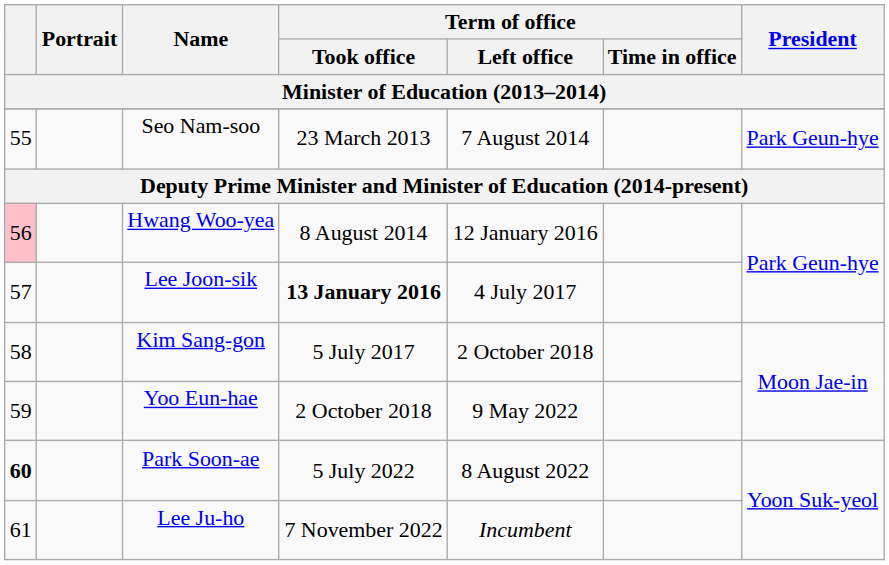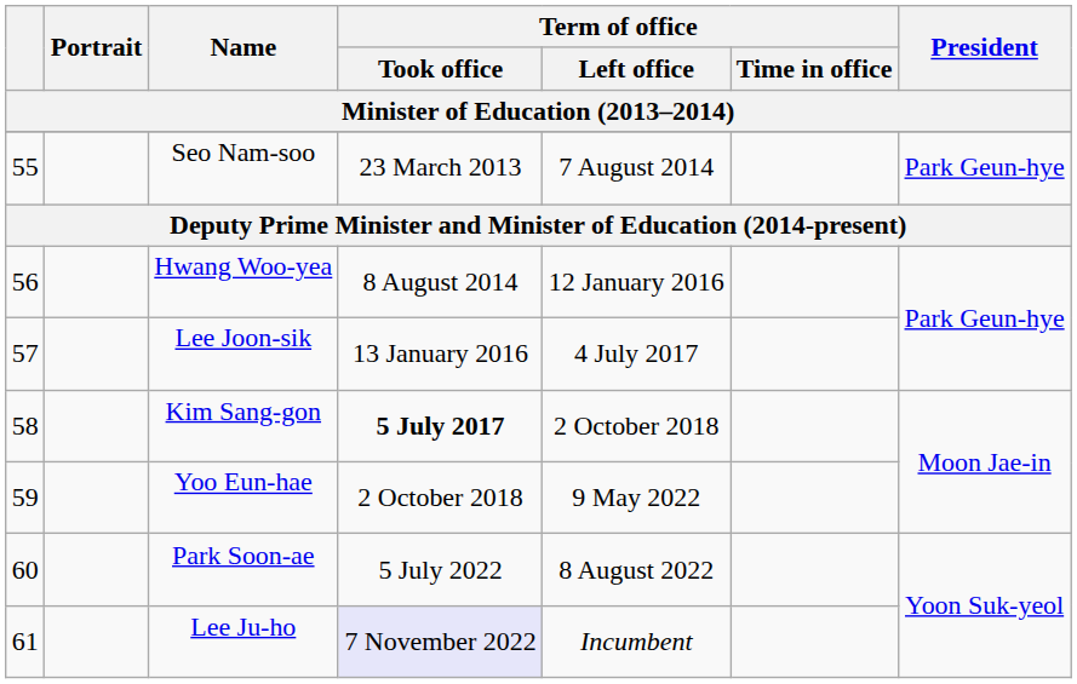 <table class="wikitable sortable" style="text-align:center">
 <tr>
 <th rowspan="2"></th>
 <th rowspan="2">Portrait</th>
 <th rowspan="2">Name</th>
 <th colspan="3">Term of office</th>
 <th rowspan="2"><a href='#'>President</a></th>
 </tr>
 <tr>
 <th>Took office</th>
 <th>Left office</th>
 <th>Time in office</th>
 </tr>
 <tr>
 <th colspan=7>Minister of Education (2013–2014)</th>
 </tr>
 <tr>
 </tr>
 <tr>
 <td>55</td>
 <td></td>
 <td>Seo Nam-soo<br><br></td>
 <td>23 March 2013</td>
 <td>7 August 2014</td>
 <td></td>
 <td><a href='#'>Park Geun-hye</a></td>
 </tr>
 <tr>
 <th colspan=7>Deputy Prime Minister and Minister of Education (2014-present)</th>
 </tr>
 <tr>
-<td style="background: pink;">56</td>
+<td>56</td>
 <td></td>
 <td><a href='#'>Hwang Woo-yea</a><br><br></td>
 <td>8 August 2014</td>
 <td>12 January 2016</td>
 <td></td>
 <td rowspan="2"><a href='#'>Park Geun-hye</a></td>
 </tr>
 <tr>
 <td>57</td>
 <td></td>
 <td><a href='#'>Lee Joon-sik</a><br><br></td>
-<td><strong>13 January 2016</strong></td>
+<td>13 January 2016</td>
 <td>4 July 2017</td>
 <td></td>
 </tr>
 <tr>
 <td>58</td>
 <td></td>
 <td><a href='#'>Kim Sang-gon</a><br><br></td>
-<td>5 July 2017</td>
+<td><strong>5 July 2017</strong></td>
 <td>2 October 2018</td>
 <td></td>
 <td rowspan="2"><a href='#'>Moon Jae-in</a></td>
 </tr>
 <tr>
 <td>59</td>
 <td></td>
 <td><a href='#'>Yoo Eun-hae</a><br><br></td>
 <td>2 October 2018</td>
 <td>9 May 2022</td>
 <td></td>
 </tr>
 <tr>
-<td><strong>60</strong></td>
+<td>60</td>
 <td></td>
 <td><a href='#'>Park Soon-ae</a><br><br></td>
 <td>5 July 2022</td>
 <td>8 August 2022</td>
 <td></td>
 <td rowspan="2"><a href='#'>Yoon Suk-yeol</a></td>
 </tr>
 <tr>
 <td>61</td>
 <td></td>
 <td><a href='#'>Lee Ju-ho</a><br><br></td>
-<td>7 November 2022</td>
+<td style="background: lavender;">7 November 2022</td>
 <td><em>Incumbent</em></td>
 <td></td>
 </tr>
 </table>
